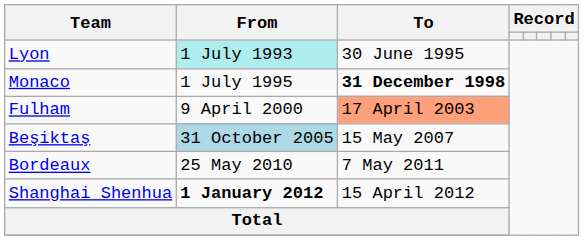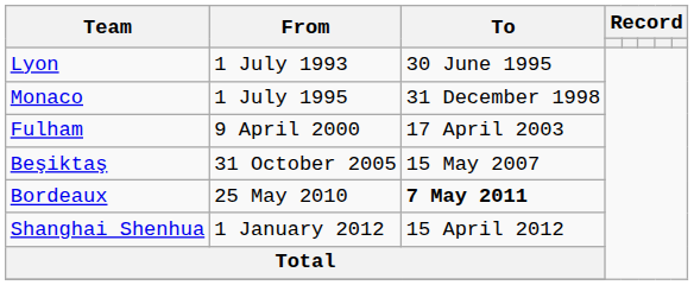 <table class=wikitable style="text-align: center;">
 <tr>
 <th rowspan=2>Team</th>
 <th rowspan=2>From</th>
 <th rowspan=2>To</th>
 <th colspan=5>Record</th>
 </tr>
 <tr>
 <th></th>
 <th></th>
 <th></th>
 <th></th>
 <th></th>
 </tr>
 <tr>
 <td align=left><a href='#'>Lyon</a></td>
-<td align=left style="background: paleturquoise;">1 July 1993</td>
+<td align=left>1 July 1993</td>
 <td align=left>30 June 1995<br></td>
 </tr>
 <tr>
 <td align=left><a href='#'>Monaco</a></td>
 <td align=left>1 July 1995</td>
-<td align=left><strong>31 December 1998<br></strong></td>
+<td align=left>31 December 1998<br></td>
 </tr>
 <tr>
 <td align=left><a href='#'>Fulham</a></td>
 <td align=left>9 April 2000</td>
-<td align=left style="background: lightsalmon;">17 April 2003<br></td>
+<td align=left>17 April 2003<br></td>
 </tr>
 <tr>
 <td align=left><a href='#'>Beşiktaş</a></td>
-<td align=left style="background: lightblue;">31 October 2005</td>
+<td align=left>31 October 2005</td>
 <td align=left>15 May 2007<br></td>
 </tr>
 <tr>
 <td align=left><a href='#'>Bordeaux</a></td>
 <td align=left>25 May 2010</td>
-<td align=left>7 May 2011<br></td>
+<td align=left><strong>7 May 2011<br></strong></td>
 </tr>
 <tr>
 <td align=left><a href='#'>Shanghai Shenhua</a></td>
-<td align=left><strong>1 January 2012</strong></td>
+<td align=left>1 January 2012</td>
 <td align=left>15 April 2012<br></td>
 </tr>
 <tr>
 <th colspan=3>Total<br></th>
 </tr>
 <tr>
 </tr>
 </table>
